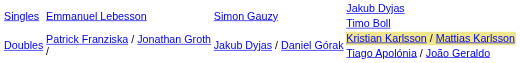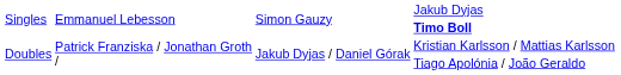 <table>
 <tr>
 <td rowspan=2><a href='#'>Singles</a></td>
 <td rowspan=2><a href='#'>Emmanuel Lebesson</a><br></td>
 <td rowspan=2><a href='#'>Simon Gauzy</a><br></td>
 <td><a href='#'>Jakub Dyjas</a><br></td>
 </tr>
 <tr>
-<td><a href='#'>Timo Boll</a><br></td>
+<td><strong><a href='#'>Timo Boll</a><br></strong></td>
 </tr>
 <tr>
 <td rowspan=2><a href='#'>Doubles</a></td>
 <td rowspan=2><a href='#'>Patrick Franziska</a> / <a href='#'>Jonathan Groth</a><br> / </td>
 <td rowspan=2><a href='#'>Jakub Dyjas</a> / <a href='#'>Daniel Górak</a><br></td>
-<td style="background: khaki;"><a href='#'>Kristian Karlsson</a> / <a href='#'>Mattias Karlsson</a><br></td>
+<td><a href='#'>Kristian Karlsson</a> / <a href='#'>Mattias Karlsson</a><br></td>
 </tr>
 <tr>
 <td><a href='#'>Tiago Apolónia</a> / <a href='#'>João Geraldo</a><br></td>
 </tr>
 </table>
